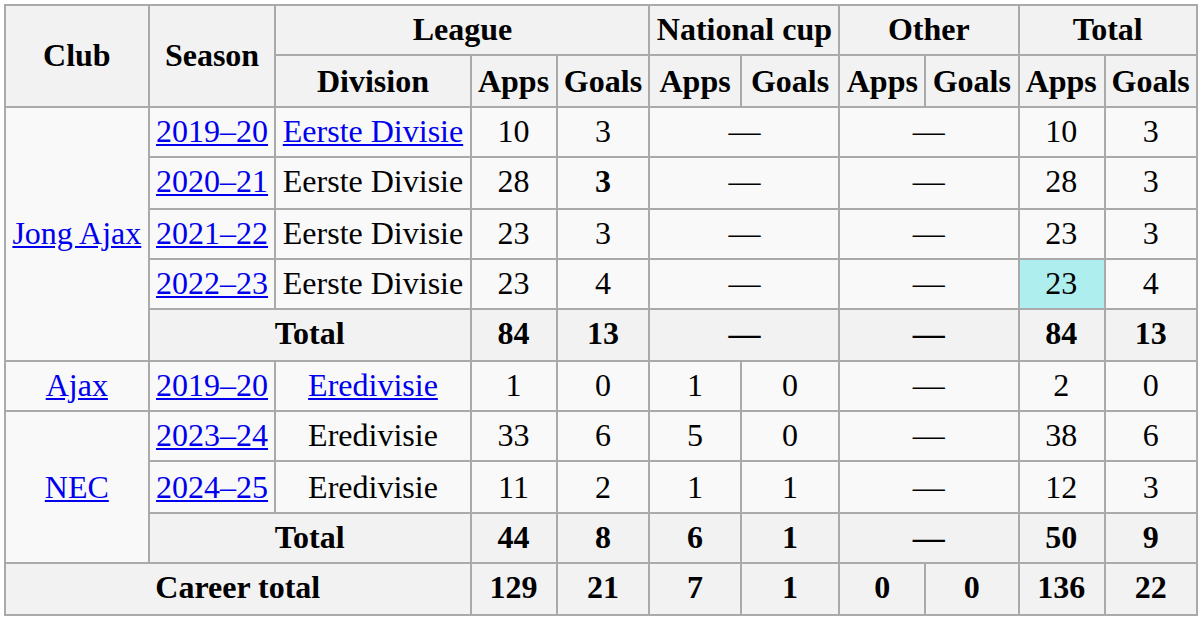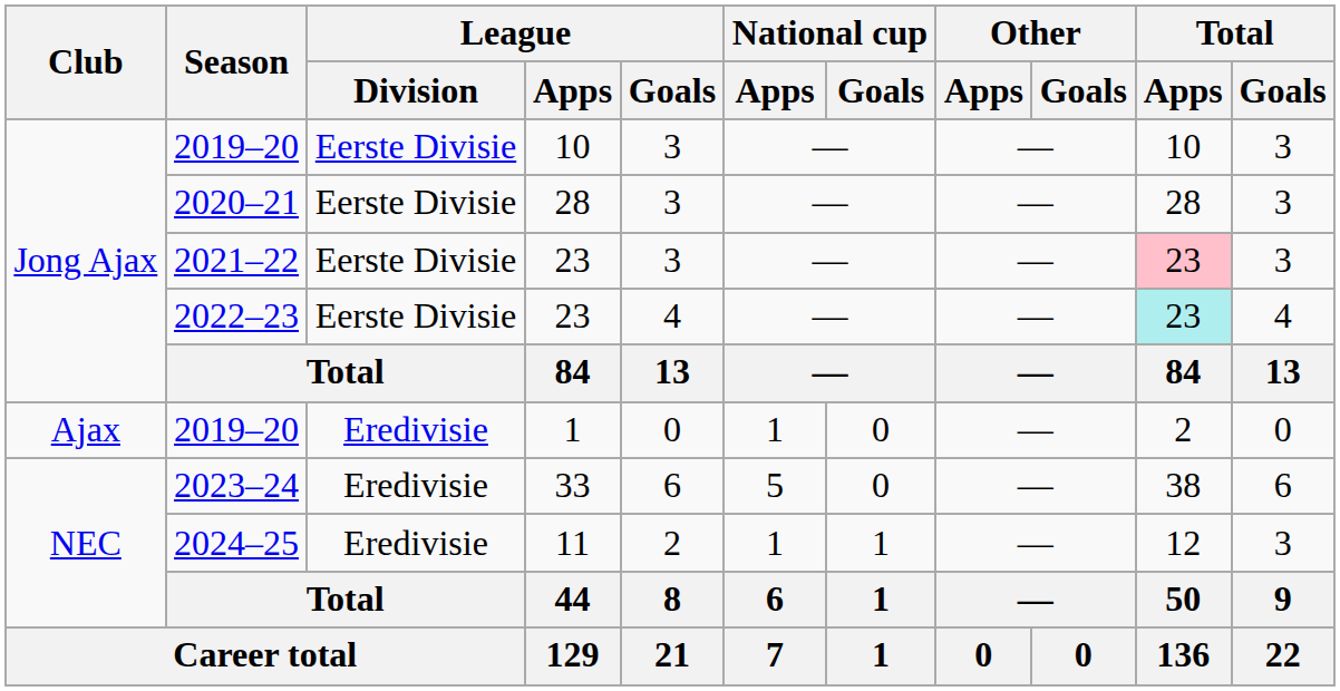 <table class="wikitable" style="text-align:center">
 <tr>
 <th rowspan="2">Club</th>
 <th rowspan="2">Season</th>
 <th colspan="3">League</th>
 <th colspan="2">National cup</th>
 <th colspan="2">Other</th>
 <th colspan="2">Total</th>
 </tr>
 <tr>
 <th>Division</th>
 <th>Apps</th>
 <th>Goals</th>
 <th>Apps</th>
 <th>Goals</th>
 <th>Apps</th>
 <th>Goals</th>
 <th>Apps</th>
 <th>Goals</th>
 </tr>
 <tr>
 <td rowspan="5"><a href='#'>Jong Ajax</a></td>
 <td><a href='#'>2019–20</a></td>
 <td><a href='#'>Eerste Divisie</a></td>
 <td>10</td>
 <td>3</td>
 <td colspan="2">—</td>
 <td colspan="2">—</td>
 <td>10</td>
 <td>3</td>
 </tr>
 <tr>
 <td><a href='#'>2020–21</a></td>
 <td>Eerste Divisie</td>
 <td>28</td>
-<td><strong>3</strong></td>
+<td>3</td>
 <td colspan="2">—</td>
 <td colspan="2">—</td>
 <td>28</td>
 <td>3</td>
 </tr>
 <tr>
 <td><a href='#'>2021–22</a></td>
 <td>Eerste Divisie</td>
 <td>23</td>
 <td>3</td>
 <td colspan="2">—</td>
 <td colspan="2">—</td>
-<td>23</td>
+<td style="background: pink;">23</td>
 <td>3</td>
 </tr>
 <tr>
 <td><a href='#'>2022–23</a></td>
 <td>Eerste Divisie</td>
 <td>23</td>
 <td>4</td>
 <td colspan="2">—</td>
 <td colspan="2">—</td>
 <td style="background: paleturquoise;">23</td>
 <td>4</td>
 </tr>
 <tr>
 <th colspan="2">Total</th>
 <th>84</th>
 <th>13</th>
 <th colspan="2">—</th>
 <th colspan="2">—</th>
 <th>84</th>
 <th>13</th>
 </tr>
 <tr>
 <td><a href='#'>Ajax</a></td>
 <td><a href='#'>2019–20</a></td>
 <td><a href='#'>Eredivisie</a></td>
 <td>1</td>
 <td>0</td>
 <td>1</td>
 <td>0</td>
 <td colspan="2">—</td>
 <td>2</td>
 <td>0</td>
 </tr>
 <tr>
 <td rowspan="3"><a href='#'>NEC</a></td>
 <td><a href='#'>2023–24</a></td>
 <td>Eredivisie</td>
 <td>33</td>
 <td>6</td>
 <td>5</td>
 <td>0</td>
 <td colspan="2">—</td>
 <td>38</td>
 <td>6</td>
 </tr>
 <tr>
 <td><a href='#'>2024–25</a></td>
 <td>Eredivisie</td>
 <td>11</td>
 <td>2</td>
 <td>1</td>
 <td>1</td>
 <td colspan="2">—</td>
 <td>12</td>
 <td>3</td>
 </tr>
 <tr>
 <th colspan="2">Total</th>
 <th>44</th>
 <th>8</th>
 <th>6</th>
 <th>1</th>
 <th colspan="2">—</th>
 <th>50</th>
 <th>9</th>
 </tr>
 <tr>
 <th colspan="3">Career total</th>
 <th>129</th>
 <th>21</th>
 <th>7</th>
 <th>1</th>
 <th>0</th>
 <th>0</th>
 <th>136</th>
 <th>22</th>
 </tr>
 </table>
